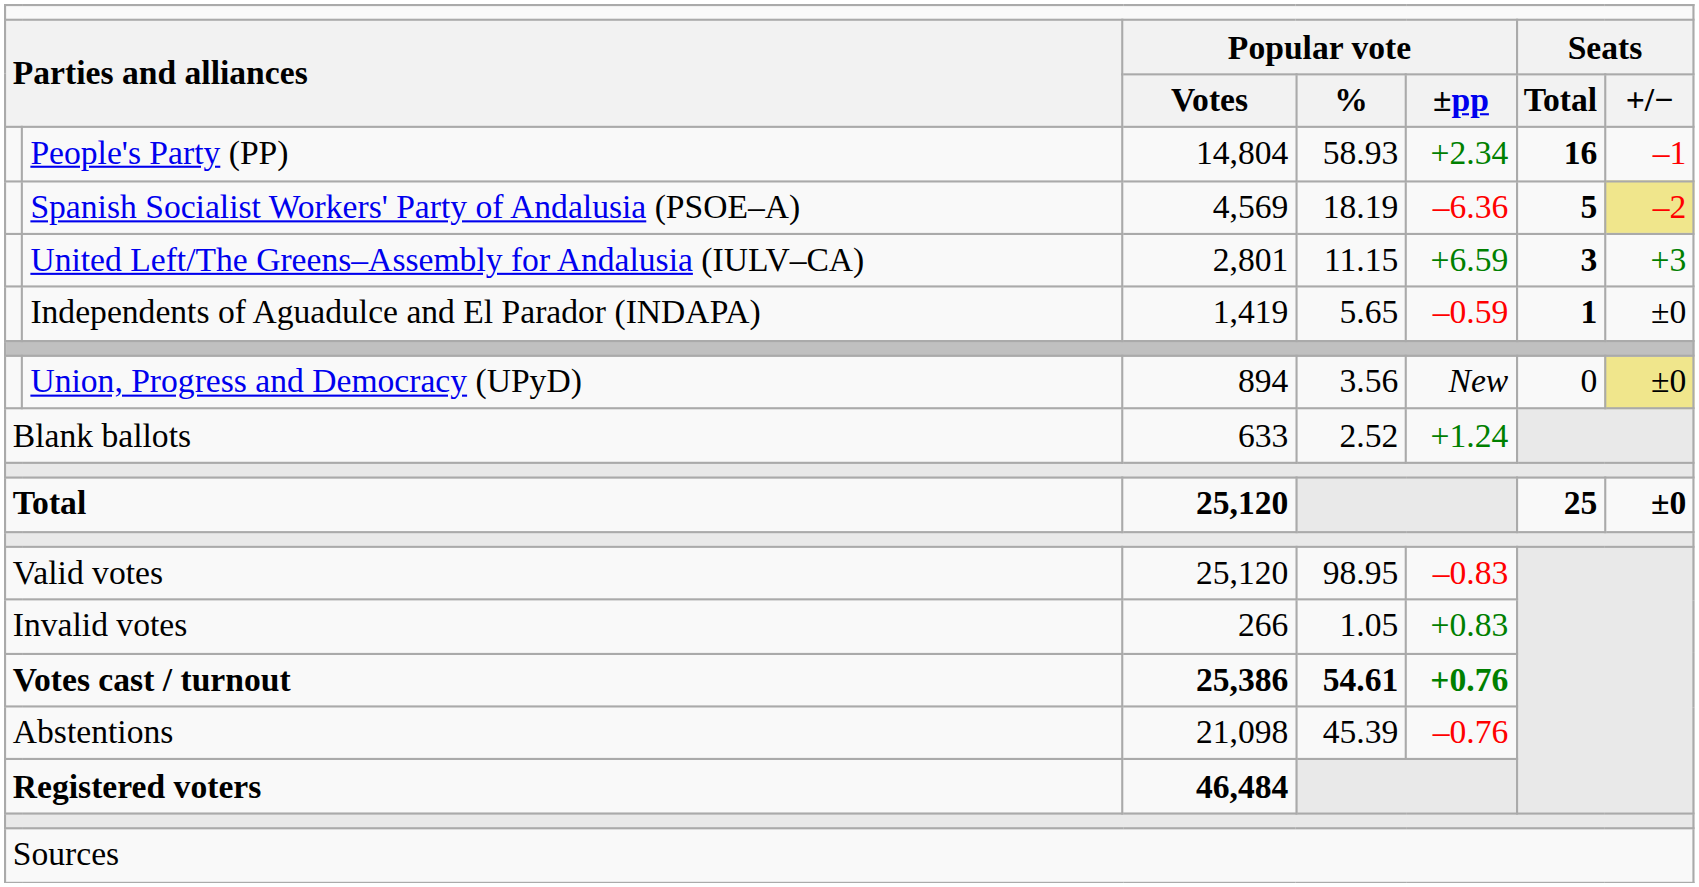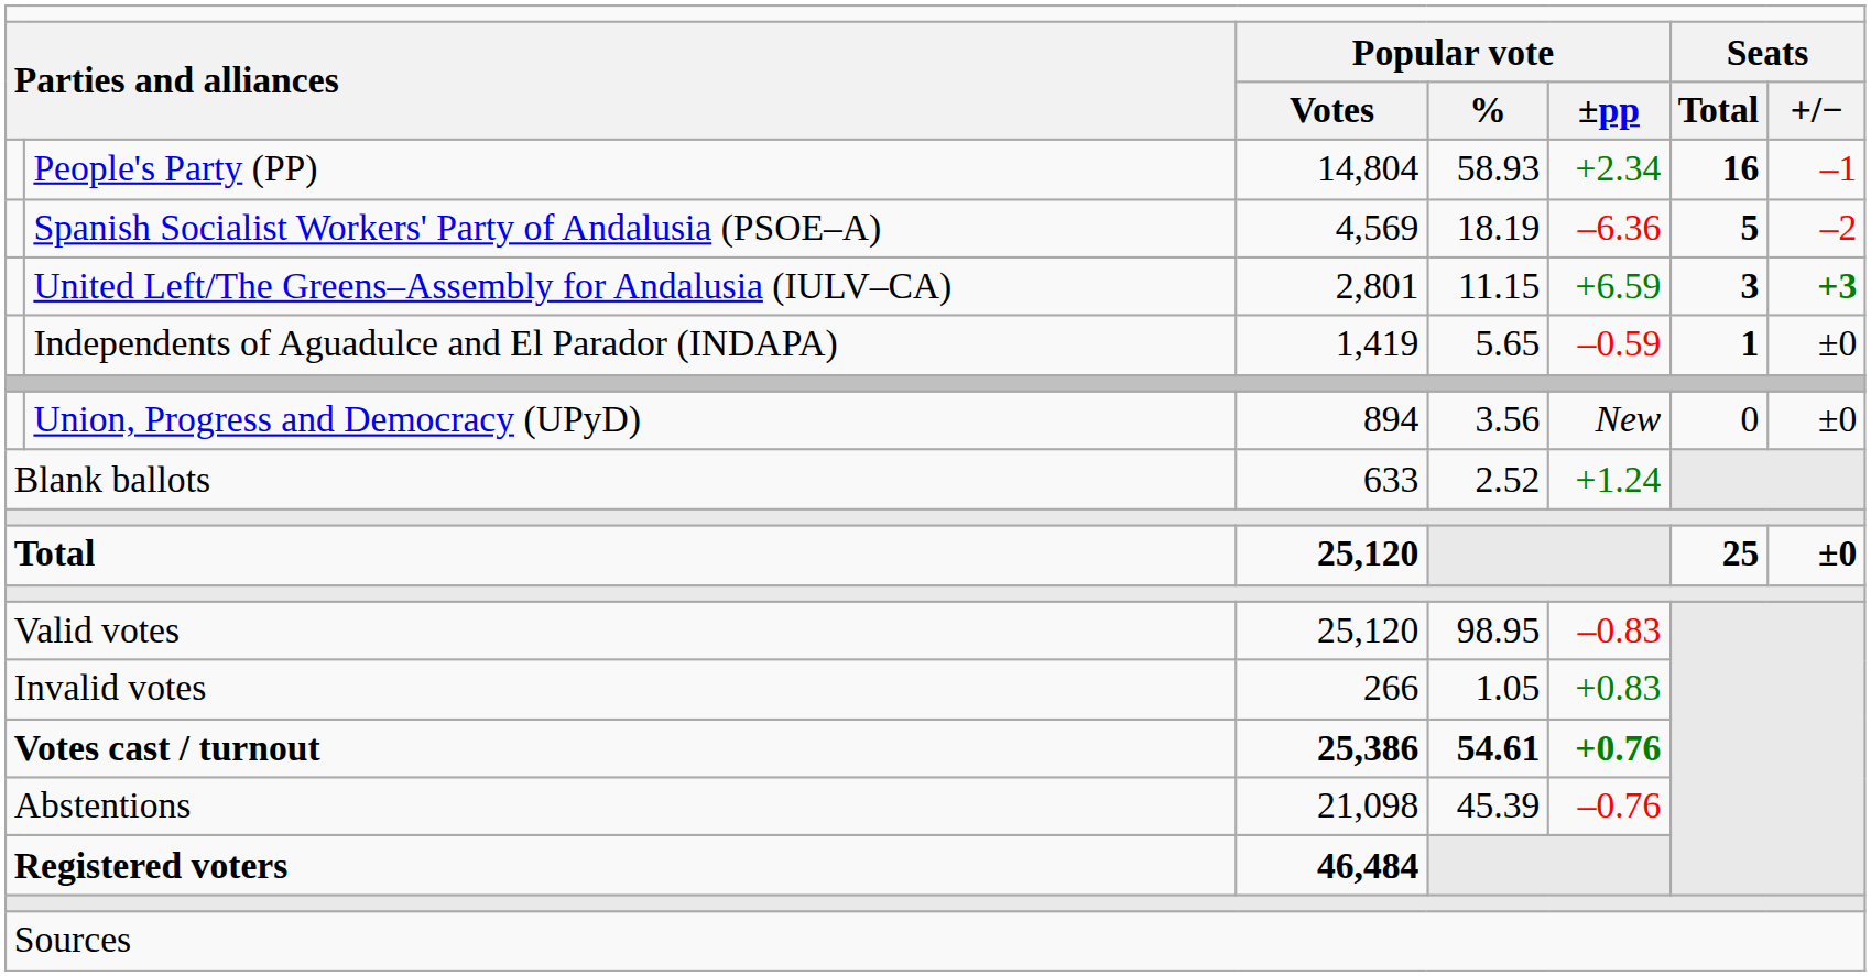 <table class="wikitable" style="text-align:right;">
 <tr>
 <td colspan="7"></td>
 </tr>
 <tr>
 <th style="text-align:left;" rowspan="2" colspan="2" width="525">Parties and alliances</th>
 <th colspan="3">Popular vote</th>
 <th colspan="2">Seats</th>
 </tr>
 <tr>
 <th width="75">Votes</th>
 <th width="45">%</th>
 <th width="45">±<a href='#'>pp</a></th>
 <th width="35">Total</th>
 <th width="35">+/−</th>
 </tr>
 <tr>
 <td width="1" style="color:inherit;background:"></td>
 <td align="left"><a href='#'>People's Party</a> (PP)</td>
 <td>14,804</td>
 <td>58.93</td>
 <td style="color:green;">+2.34</td>
 <td><strong>16</strong></td>
 <td style="color:red;">–1</td>
 </tr>
 <tr>
 <td style="color:inherit;background:"></td>
 <td align="left"><a href='#'>Spanish Socialist Workers' Party of Andalusia</a> (PSOE–A)</td>
 <td>4,569</td>
 <td>18.19</td>
 <td style="color:red;">–6.36</td>
 <td><strong>5</strong></td>
-<td style="background: khaki; color:red;">–2</td>
+<td style="color:red;">–2</td>
 </tr>
 <tr>
 <td style="color:inherit;background:"></td>
 <td align="left"><a href='#'>United Left/The Greens–Assembly for Andalusia</a> (IULV–CA)</td>
 <td>2,801</td>
 <td>11.15</td>
 <td style="color:green;">+6.59</td>
 <td><strong>3</strong></td>
-<td style="color:green;">+3</td>
+<td style="color:green;"><strong>+3</strong></td>
 </tr>
 <tr>
 <td style="color:inherit;background:"></td>
 <td align="left">Independents of Aguadulce and El Parador (INDAPA)</td>
 <td>1,419</td>
 <td>5.65</td>
 <td style="color:red;">–0.59</td>
 <td><strong>1</strong></td>
 <td>±0</td>
 </tr>
 <tr>
 <td colspan="7" bgcolor="#C0C0C0"></td>
 </tr>
 <tr>
 <td style="color:inherit;background:"></td>
 <td align="left"><a href='#'>Union, Progress and Democracy</a> (UPyD)</td>
 <td>894</td>
 <td>3.56</td>
 <td><em>New</em></td>
 <td>0</td>
-<td style="background: khaki;">±0</td>
+<td>±0</td>
 </tr>
 <tr>
 <td align="left" colspan="2">Blank ballots</td>
 <td>633</td>
 <td>2.52</td>
 <td style="color:green;">+1.24</td>
 <td bgcolor="#E9E9E9" colspan="2"></td>
 </tr>
 <tr>
 <td colspan="7" bgcolor="#E9E9E9"></td>
 </tr>
 <tr style="font-weight:bold;">
 <td align="left" colspan="2">Total</td>
 <td>25,120</td>
 <td bgcolor="#E9E9E9" colspan="2"></td>
 <td>25</td>
 <td>±0</td>
 </tr>
 <tr>
 <td colspan="7" bgcolor="#E9E9E9"></td>
 </tr>
 <tr>
 <td align="left" colspan="2">Valid votes</td>
 <td>25,120</td>
 <td>98.95</td>
 <td style="color:red;">–0.83</td>
 <td bgcolor="#E9E9E9" colspan="2" rowspan="5"></td>
 </tr>
 <tr>
 <td align="left" colspan="2">Invalid votes</td>
 <td>266</td>
 <td>1.05</td>
 <td style="color:green;">+0.83</td>
 </tr>
 <tr style="font-weight:bold;">
 <td align="left" colspan="2">Votes cast / turnout</td>
 <td>25,386</td>
 <td>54.61</td>
 <td style="color:green;">+0.76</td>
 </tr>
 <tr>
 <td align="left" colspan="2">Abstentions</td>
 <td>21,098</td>
 <td>45.39</td>
 <td style="color:red;">–0.76</td>
 </tr>
 <tr style="font-weight:bold;">
 <td align="left" colspan="2">Registered voters</td>
 <td>46,484</td>
 <td bgcolor="#E9E9E9" colspan="2"></td>
 </tr>
 <tr>
 <td colspan="7" bgcolor="#E9E9E9"></td>
 </tr>
 <tr>
 <td align="left" colspan="7">Sources</td>
 </tr>
 </table>
